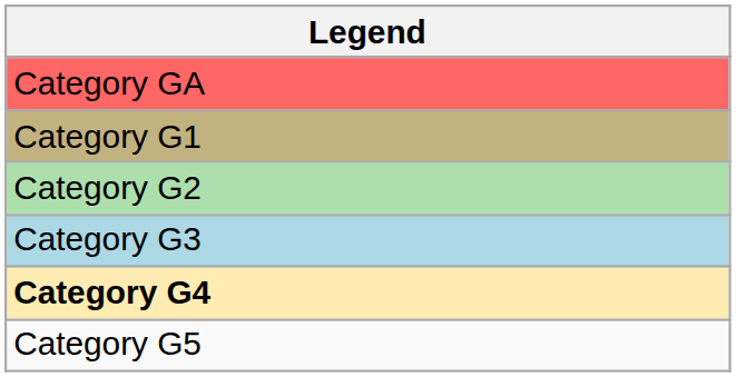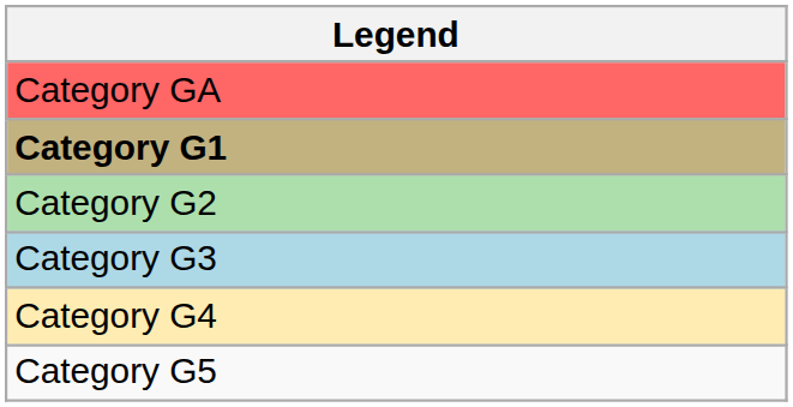 <table class="wikitable" style="font-size:85%;" width=15%>
 <tr>
 <th>Legend</th>
 </tr>
 <tr bgcolor=#FF6666>
 <td>Category GA</td>
 </tr>
 <tr bgcolor=#C2B280>
-<td>Category G1</td>
+<td><strong>Category G1</strong></td>
 </tr>
 <tr bgcolor="#ADDFAD">
 <td>Category G2</td>
 </tr>
 <tr bgcolor="lightblue">
 <td>Category G3</td>
 </tr>
 <tr bgcolor=#ffecb2>
-<td><strong>Category G4</strong></td>
+<td>Category G4</td>
 </tr>
 <tr>
 <td>Category G5</td>
 </tr>
 </table>
